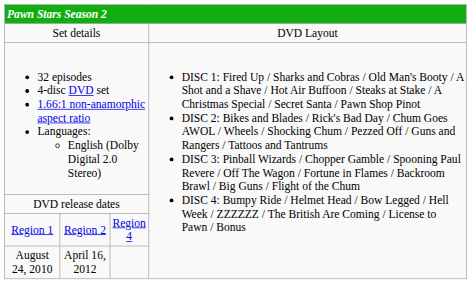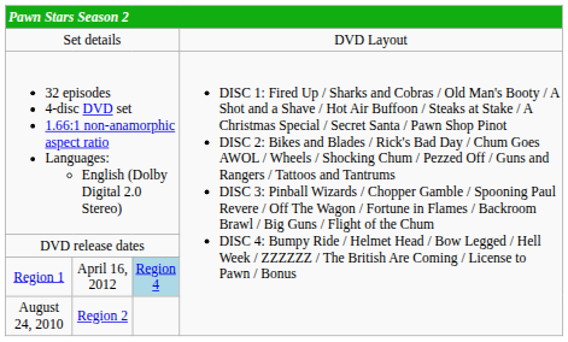 <table class="wikitable" style="font-size: 95%;">
 <tr style="background:#EFEFEF">
 <td colspan="5" style="background-color: #11AE11; color:#fff;"><strong><em>Pawn Stars<em> Season 2<strong></td>
 </tr>
 <tr valign="top">
 <td align="center" width="30%" colspan="3"></strong>Set details<strong></td>
 <td width="70%" align="center"></strong>DVD Layout<strong></td>
 </tr>
 <tr valign="top">
 <td colspan="3" align="left" width="30%"><br><ul><li>32 episodes</li><li>4-disc <a href='#'>DVD</a> set</li><li><a href='#'>1.66:1 non-anamorphic aspect ratio</a></li><li>Languages:<ul><li>English (Dolby Digital 2.0 Stereo)</li></ul></li></ul></td>
 <td rowspan="4" align="left" width="70%"><br><ul><li>DISC 1: Fired Up / Sharks and Cobras / Old Man's Booty / A Shot and a Shave / Hot Air Buffoon / Steaks at Stake / A Christmas Special / Secret Santa / Pawn Shop Pinot</li><li>DISC 2: Bikes and Blades / Rick's Bad Day / Chum Goes AWOL / Wheels / Shocking Chum / Pezzed Off / Guns and Rangers / Tattoos and Tantrums</li><li>DISC 3: Pinball Wizards / Chopper Gamble / Spooning Paul Revere / Off The Wagon / Fortune in Flames / Backroom Brawl / Big Guns / Flight of the Chum</li><li>DISC 4: Bumpy Ride / Helmet Head / Bow Legged / Hell Week / ZZZZZZ / The British Are Coming / License to Pawn / Bonus</li></ul></td>
 </tr>
 <tr>
 <td colspan="3" align="center"></strong>DVD release dates<strong></td>
 </tr>
 <tr>
 <td align="center"><a href='#'>Region 1</a></td>
-<td align="center"><a href='#'>Region 2</a></td>
-<td align="center"><a href='#'>Region 4</a></td>
+<td align="center">April 16, 2012</td>
+<td align="center" style="background: lightblue;"><a href='#'>Region 4</a></td>
 </tr>
 <tr>
 <td align="center">August 24, 2010</td>
-<td align="center">April 16, 2012</td>
+<td align="center"><a href='#'>Region 2</a></td>
 <td></td>
 </tr>
 </table>
